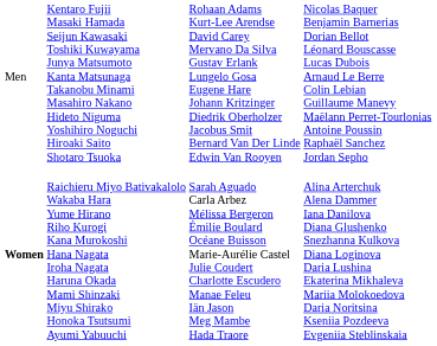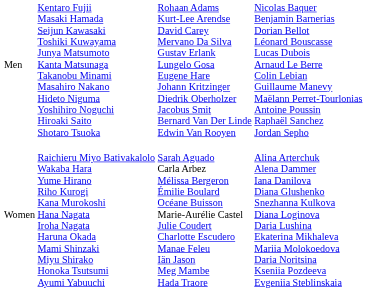 <table>
 <tr>
 <td>Men<br></td>
 <td><br><a href='#'>Kentaro Fujii</a><br><a href='#'>Masaki Hamada</a><br><a href='#'>Seijun Kawasaki</a><br><a href='#'>Toshiki Kuwayama</a><br><a href='#'>Junya Matsumoto</a><br><a href='#'>Kanta Matsunaga</a><br><a href='#'>Takanobu Minami</a><br><a href='#'>Masahiro Nakano</a><br><a href='#'>Hideto Niguma</a><br><a href='#'>Yoshihiro Noguchi</a><br><a href='#'>Hiroaki Saito</a><br><a href='#'>Shotaro Tsuoka</a></td>
 <td><br><a href='#'>Rohaan Adams</a><br><a href='#'>Kurt-Lee Arendse</a><br><a href='#'>David Carey</a><br><a href='#'>Mervano Da Silva</a><br><a href='#'>Gustav Erlank</a><br><a href='#'>Lungelo Gosa</a><br><a href='#'>Eugene Hare</a><br><a href='#'>Johann Kritzinger</a><br><a href='#'>Diedrik Oberholzer</a><br><a href='#'>Jacobus Smit</a><br><a href='#'>Bernard Van Der Linde</a><br><a href='#'>Edwin Van Rooyen</a></td>
 <td><br><a href='#'>Nicolas Baquer</a><br><a href='#'>Benjamin Barnerias</a><br><a href='#'>Dorian Bellot</a><br><a href='#'>Léonard Bouscasse</a><br><a href='#'>Lucas Dubois</a><br><a href='#'>Arnaud Le Berre</a><br><a href='#'>Colin Lebian</a><br><a href='#'>Guillaume Manevy</a><br><a href='#'>Maëlann Perret-Tourlonias</a><br><a href='#'>Antoine Poussin</a><br><a href='#'>Raphaël Sanchez</a><br><a href='#'>Jordan Sepho</a></td>
 </tr>
 <tr>
-<td><strong>Women<br></strong></td>
+<td>Women<br></td>
 <td><br><a href='#'>Raichieru Miyo Bativakalolo</a><br><a href='#'>Wakaba Hara</a><br><a href='#'>Yume Hirano</a><br><a href='#'>Riho Kurogi</a><br><a href='#'>Kana Murokoshi</a><br><a href='#'>Hana Nagata</a><br><a href='#'>Iroha Nagata</a><br><a href='#'>Haruna Okada</a><br><a href='#'>Mami Shinzaki</a><br><a href='#'>Miyu Shirako</a><br><a href='#'>Honoka Tsutsumi</a><br><a href='#'>Ayumi Yabuuchi</a></td>
 <td><br><a href='#'>Sarah Aguado</a><br>Carla Arbez<br><a href='#'>Mélissa Bergeron</a><br><a href='#'>Émilie Boulard</a><br><a href='#'>Océane Buisson</a><br>Marie-Aurélie Castel<br><a href='#'>Julie Coudert</a><br><a href='#'>Charlotte Escudero</a><br><a href='#'>Manae Feleu</a><br><a href='#'>Iän Jason</a><br><a href='#'>Meg Mambe</a><br><a href='#'>Hada Traore</a></td>
 <td><br><a href='#'>Alina Arterchuk</a><br><a href='#'>Alena Dammer</a><br><a href='#'>Iana Danilova</a><br><a href='#'>Diana Glushenko</a><br><a href='#'>Snezhanna Kulkova</a><br><a href='#'>Diana Loginova</a><br><a href='#'>Daria Lushina</a><br><a href='#'>Ekaterina Mikhaleva</a><br><a href='#'>Mariia Molokoedova</a><br><a href='#'>Daria Noritsina</a><br><a href='#'>Kseniia Pozdeeva</a><br><a href='#'>Evgeniia Steblinskaia</a></td>
 </tr>
 </table>
